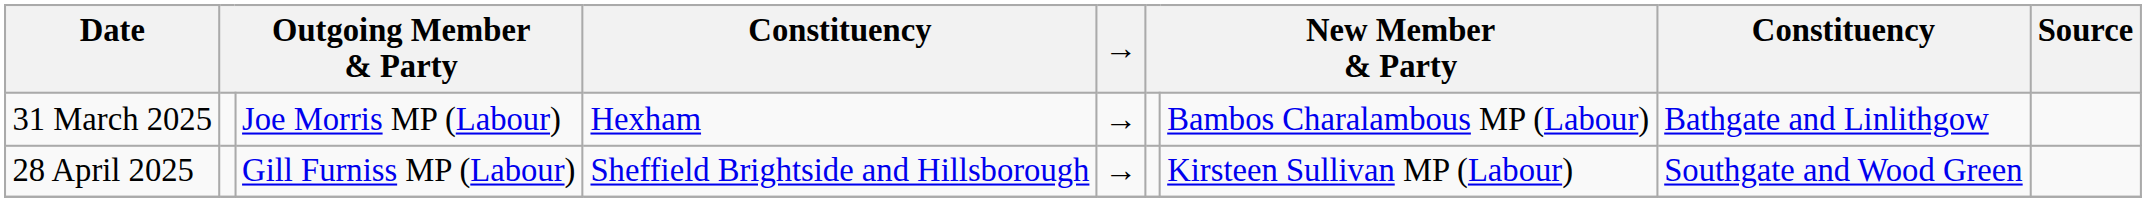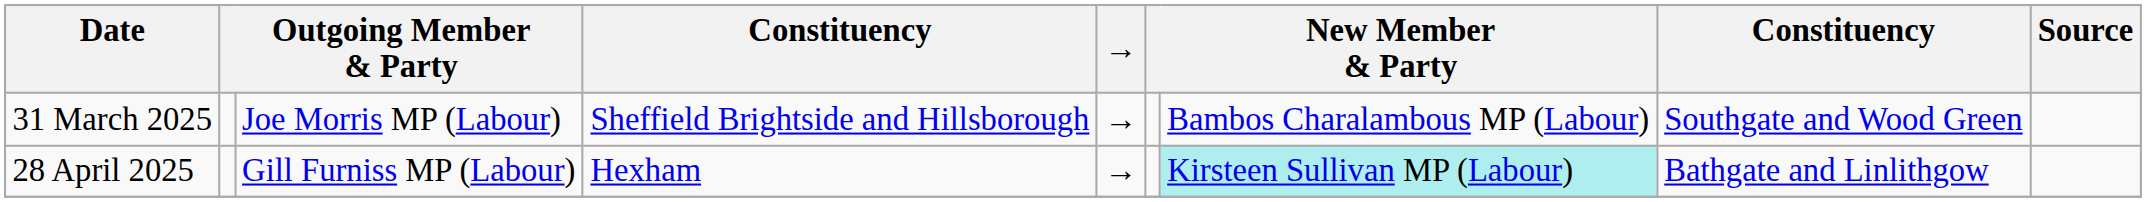 <table class="wikitable">
 <tr>
 <th valign="top">Date</th>
 <th colspan="2" valign="top">Outgoing Member<br>& Party</th>
 <th valign="top">Constituency</th>
 <th>→</th>
 <th colspan="2" valign="top">New Member<br>& Party</th>
 <th valign="top">Constituency</th>
 <th valign="top">Source</th>
 </tr>
 <tr>
 <td nowrap>31 March 2025</td>
 <td style="color:inherit;background:"></td>
 <td><a href='#'>Joe Morris</a> MP (<a href='#'>Labour</a>)</td>
-<td><a href='#'>Hexham</a></td>
+<td><a href='#'>Sheffield Brightside and Hillsborough</a></td>
 <td>→</td>
 <td style="color:inherit;background:"></td>
 <td><a href='#'>Bambos Charalambous</a> MP (<a href='#'>Labour</a>)</td>
-<td><a href='#'>Bathgate and Linlithgow</a></td>
+<td><a href='#'>Southgate and Wood Green</a></td>
 <td></td>
 </tr>
 <tr>
 <td nowrap>28 April 2025</td>
 <td style="color:inherit;background:"></td>
 <td><a href='#'>Gill Furniss</a> MP (<a href='#'>Labour</a>)</td>
-<td><a href='#'>Sheffield Brightside and Hillsborough</a></td>
+<td><a href='#'>Hexham</a></td>
 <td>→</td>
 <td style="color:inherit;background:"></td>
-<td><a href='#'>Kirsteen Sullivan</a> MP (<a href='#'>Labour</a>)</td>
-<td><a href='#'>Southgate and Wood Green</a></td>
+<td style="background: paleturquoise;"><a href='#'>Kirsteen Sullivan</a> MP (<a href='#'>Labour</a>)</td>
+<td><a href='#'>Bathgate and Linlithgow</a></td>
 <td></td>
 </tr>
 <tr>
 </tr>
 </table>
